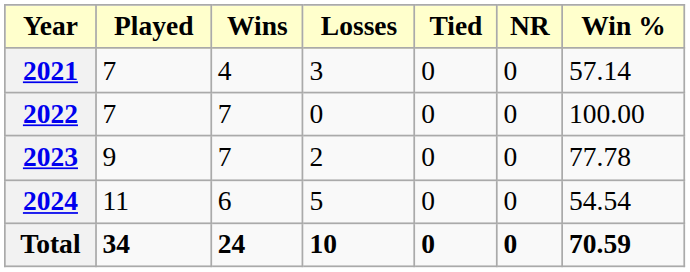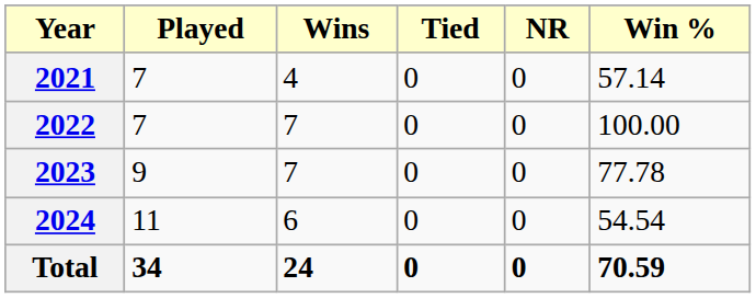 <table class="wikitable" style="width:25%;">
 <tr>
 <th style="background:#ffc;">Year</th>
 <th style="background:#ffc;">Played</th>
 <th style="background:#ffc;">Wins</th>
-<th style="background:#ffc;">Losses</th>
 <th style="background:#ffc;">Tied</th>
 <th style="background:#ffc;">NR</th>
 <th style="background:#ffc;">Win %</th>
 </tr>
 <tr>
 <th><a href='#'>2021</a></th>
 <td>7</td>
 <td>4</td>
-<td>3</td>
 <td>0</td>
 <td>0</td>
 <td>57.14</td>
 </tr>
 <tr>
 <th><a href='#'>2022</a></th>
 <td>7</td>
 <td>7</td>
 <td>0</td>
 <td>0</td>
-<td>0</td>
 <td>100.00</td>
 </tr>
 <tr>
 <th><a href='#'>2023</a></th>
 <td>9</td>
 <td>7</td>
-<td>2</td>
 <td>0</td>
 <td>0</td>
 <td>77.78</td>
 </tr>
 <tr>
 <th><a href='#'>2024</a></th>
 <td>11</td>
 <td>6</td>
-<td>5</td>
 <td>0</td>
 <td>0</td>
 <td>54.54</td>
 </tr>
 <tr>
 <th>Total</th>
 <td><strong>34</strong></td>
 <td><strong>24</strong></td>
-<td><strong>10</strong></td>
 <td><strong>0</strong></td>
 <td><strong>0</strong></td>
 <td><strong>70.59</strong></td>
 </tr>
 </table>
